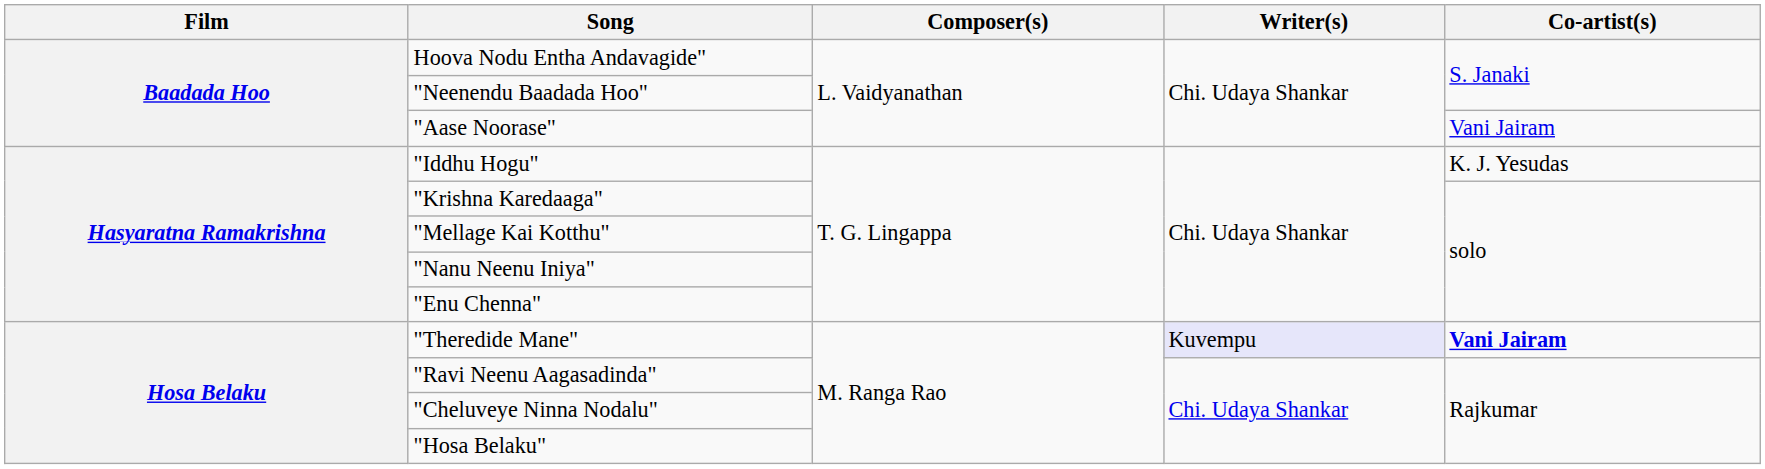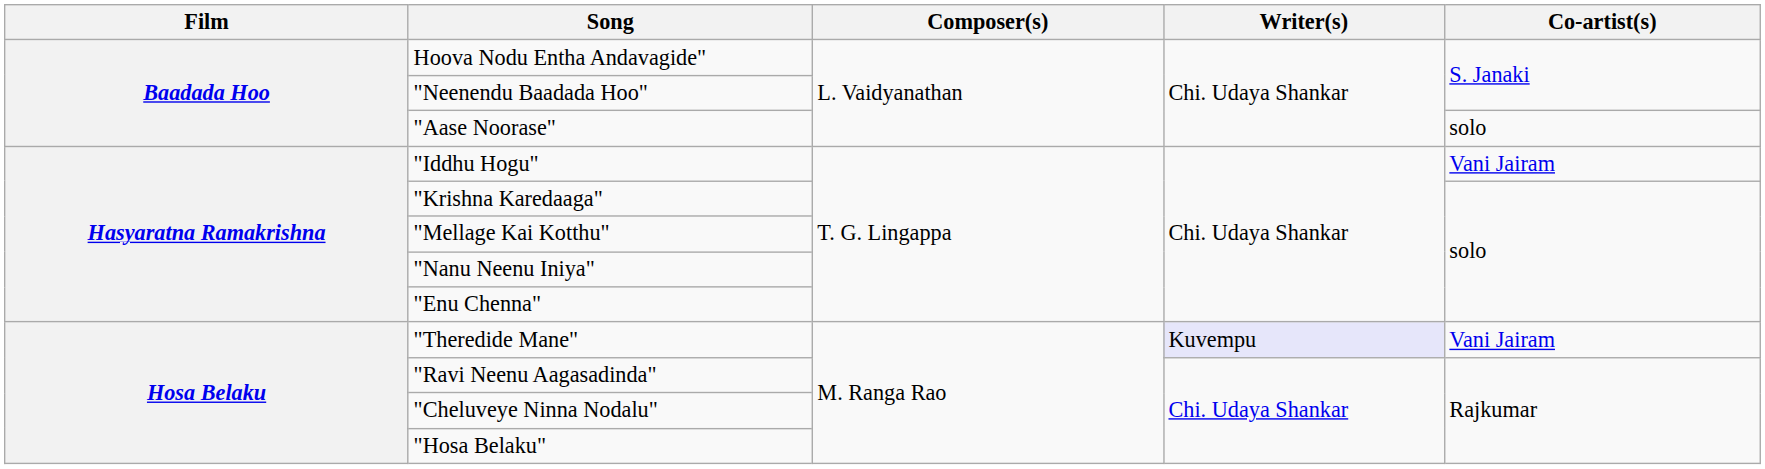 <table class="wikitable plainrowheaders" width="100%" textcolor:#000;">
 <tr style="background:#b0e0e66;">
 <th scope="col" width=23%><strong>Film</strong></th>
 <th scope="col" width=23%><strong>Song</strong></th>
 <th scope="col" width=20%><strong>Composer(s)</strong></th>
 <th scope="col" width=16%><strong>Writer(s)</strong></th>
 <th scope="col" width=18%><strong>Co-artist(s)</strong></th>
 </tr>
 <tr>
 <th Rowspan=3><em><a href='#'>Baadada Hoo</a></em></th>
 <td>Hoova Nodu Entha Andavagide"</td>
 <td rowspan=3>L. Vaidyanathan</td>
 <td rowspan=3>Chi. Udaya Shankar</td>
 <td Rowspan=2><a href='#'>S. Janaki</a></td>
 </tr>
 <tr>
 <td>"Neenendu Baadada Hoo"</td>
 </tr>
 <tr>
 <td>"Aase Noorase"</td>
-<td><a href='#'>Vani Jairam</a></td>
+<td>solo</td>
 </tr>
 <tr>
 <th Rowspan=5><em><a href='#'>Hasyaratna Ramakrishna</a></em></th>
 <td>"Iddhu Hogu"</td>
 <td rowspan=5>T. G. Lingappa</td>
 <td rowspan=5>Chi. Udaya Shankar</td>
-<td>K. J. Yesudas</td>
+<td><a href='#'>Vani Jairam</a></td>
 </tr>
 <tr>
 <td>"Krishna Karedaaga"</td>
 <td rowspan=4>solo</td>
 </tr>
 <tr>
 <td>"Mellage Kai Kotthu"</td>
 </tr>
 <tr>
 <td>"Nanu Neenu Iniya"</td>
 </tr>
 <tr>
 <td>"Enu Chenna"</td>
 </tr>
 <tr>
 <th Rowspan=4><em><a href='#'>Hosa Belaku</a></em></th>
 <td>"Theredide Mane"</td>
 <td rowspan=4>M. Ranga Rao</td>
 <td style="background: lavender;">Kuvempu</td>
-<td><strong><a href='#'>Vani Jairam</a></strong></td>
+<td><a href='#'>Vani Jairam</a></td>
 </tr>
 <tr>
 <td>"Ravi Neenu Aagasadinda"</td>
 <td rowspan=3><a href='#'>Chi. Udaya Shankar</a></td>
 <td rowspan=3>Rajkumar</td>
 </tr>
 <tr>
 <td>"Cheluveye Ninna Nodalu"</td>
 </tr>
 <tr>
 <td>"Hosa Belaku"</td>
 </tr>
 </table>
